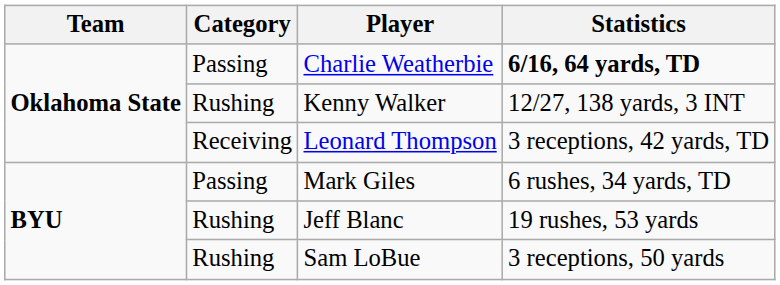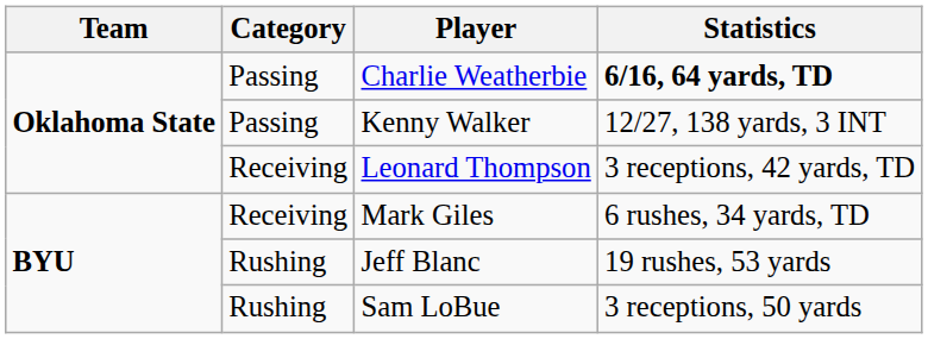 <table class="wikitable" style="float: left;">
 <tr>
 <th>Team</th>
 <th>Category</th>
 <th>Player</th>
 <th>Statistics</th>
 </tr>
 <tr>
 <td rowspan=3><strong>Oklahoma State</strong></td>
 <td>Passing</td>
 <td><a href='#'>Charlie Weatherbie</a></td>
 <td><strong>6/16, 64 yards, TD</strong></td>
 </tr>
 <tr>
-<td>Rushing</td>
+<td>Passing</td>
 <td>Kenny Walker</td>
 <td>12/27, 138 yards, 3 INT</td>
 </tr>
 <tr>
 <td>Receiving</td>
 <td><a href='#'>Leonard Thompson</a></td>
 <td>3 receptions, 42 yards, TD</td>
 </tr>
 <tr>
 <td rowspan=3><strong>BYU</strong></td>
-<td>Passing</td>
+<td>Receiving</td>
 <td>Mark Giles</td>
 <td>6 rushes, 34 yards, TD</td>
 </tr>
 <tr>
 <td>Rushing</td>
 <td>Jeff Blanc</td>
 <td>19 rushes, 53 yards</td>
 </tr>
 <tr>
 <td>Rushing</td>
 <td>Sam LoBue</td>
 <td>3 receptions, 50 yards</td>
 </tr>
 </table>
